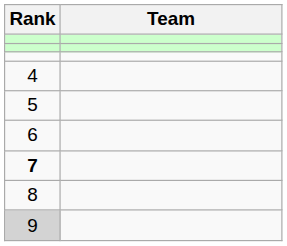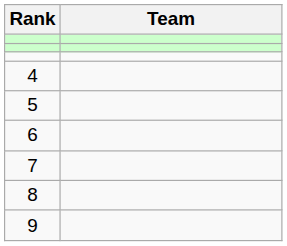 <table class="wikitable" style="text-align: center;">
 <tr>
 <th width=40>Rank</th>
 <th width=180>Team</th>
 </tr>
 <tr bgcolor=#CCFFCC>
 <td></td>
 <td align="left"></td>
 </tr>
 <tr bgcolor=#CCFFCC>
 <td></td>
 <td align="left"></td>
 </tr>
 <tr>
 <td></td>
 <td align="left"></td>
 </tr>
 <tr>
 <td>4</td>
 <td align="left"></td>
 </tr>
 <tr>
 <td>5</td>
 <td align="left"></td>
 </tr>
 <tr>
 <td>6</td>
 <td align="left"></td>
 </tr>
 <tr>
-<td><strong>7</strong></td>
+<td>7</td>
 <td align="left"></td>
 </tr>
 <tr>
 <td>8</td>
 <td align="left"></td>
 </tr>
 <tr>
-<td style="background: lightgrey;">9</td>
+<td>9</td>
 <td align="left"></td>
 </tr>
 </table>
